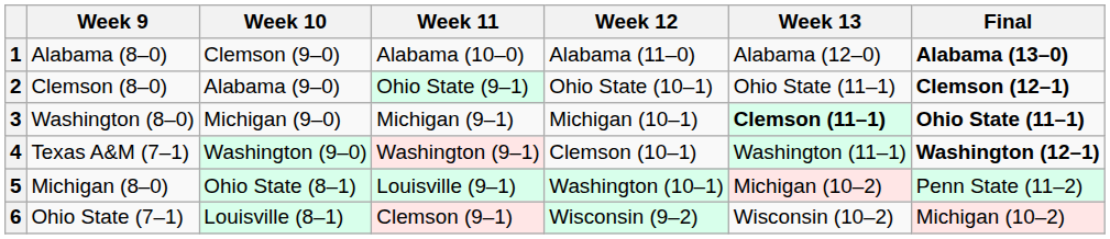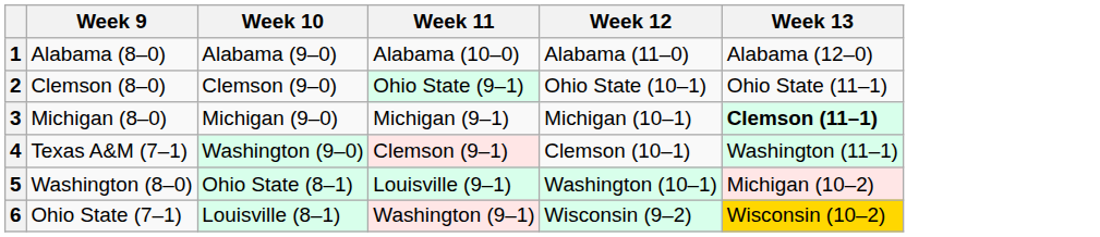 <table class="wikitable" style="font-size:90%">
 <tr>
 <th></th>
 <th>Week 9</th>
 <th>Week 10</th>
 <th>Week 11</th>
 <th>Week 12</th>
 <th>Week 13</th>
-<th>Final</th>
 </tr>
 <tr>
 <th>1</th>
 <td>Alabama (8–0)</td>
-<td>Clemson (9–0)</td>
+<td>Alabama (9–0)</td>
 <td>Alabama (10–0)</td>
 <td>Alabama (11–0)</td>
 <td>Alabama (12–0)</td>
-<td style="background:#"><strong>Alabama (13–0)</strong></td>
 </tr>
 <tr>
 <th>2</th>
 <td>Clemson (8–0)</td>
-<td>Alabama (9–0)</td>
+<td>Clemson (9–0)</td>
 <td style="background:#d8ffeb">Ohio State (9–1)</td>
 <td>Ohio State (10–1)</td>
 <td>Ohio State (11–1)</td>
-<td style="background:#"><strong>Clemson (12–1)</strong></td>
 </tr>
 <tr>
 <th>3</th>
-<td>Washington (8–0)</td>
+<td>Michigan (8–0)</td>
 <td>Michigan (9–0)</td>
 <td>Michigan (9–1)</td>
 <td>Michigan (10–1)</td>
 <td style="background:#d8ffeb"><strong>Clemson (11–1)</strong></td>
-<td style="background:#"><strong>Ohio State (11–1)</strong></td>
 </tr>
 <tr>
 <th>4</th>
 <td>Texas A&M (7–1)</td>
 <td style="background:#d8ffeb">Washington (9–0)</td>
-<td style="background:#ffe6e6">Washington (9–1)</td>
+<td style="background:#ffe6e6">Clemson (9–1)</td>
 <td>Clemson (10–1)</td>
 <td style="background:#d8ffeb">Washington (11–1)</td>
-<td style="background:#"><strong>Washington (12–1)</strong></td>
 </tr>
 <tr>
 <th>5</th>
-<td>Michigan (8–0)</td>
+<td>Washington (8–0)</td>
 <td style="background:#d8ffeb">Ohio State (8–1)</td>
 <td style="background:#d8ffeb">Louisville (9–1)</td>
 <td style="background:#d8ffeb">Washington (10–1)</td>
 <td style="background:#ffe6e6">Michigan (10–2)</td>
-<td style="background:#d8ffeb">Penn State (11–2)</td>
 </tr>
 <tr>
 <th>6</th>
 <td>Ohio State (7–1)</td>
 <td style="background:#d8ffeb">Louisville (8–1)</td>
-<td style="background:#ffe6e6">Clemson (9–1)</td>
+<td style="background:#ffe6e6">Washington (9–1)</td>
 <td style="background:#d8ffeb">Wisconsin (9–2)</td>
-<td>Wisconsin (10–2)</td>
-<td style="background:#ffe6e6">Michigan (10–2)</td>
+<td style="background: gold;">Wisconsin (10–2)</td>
 </tr>
 </table>
